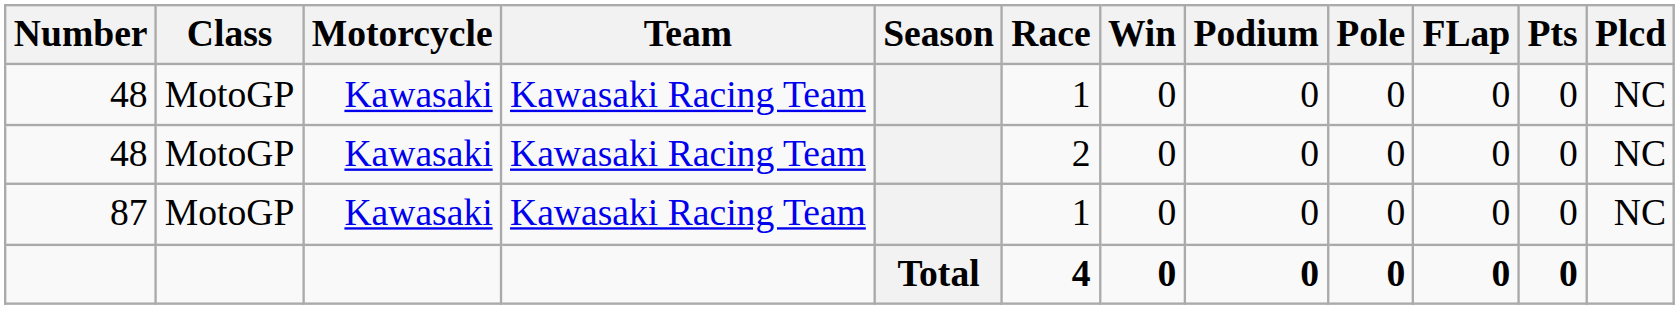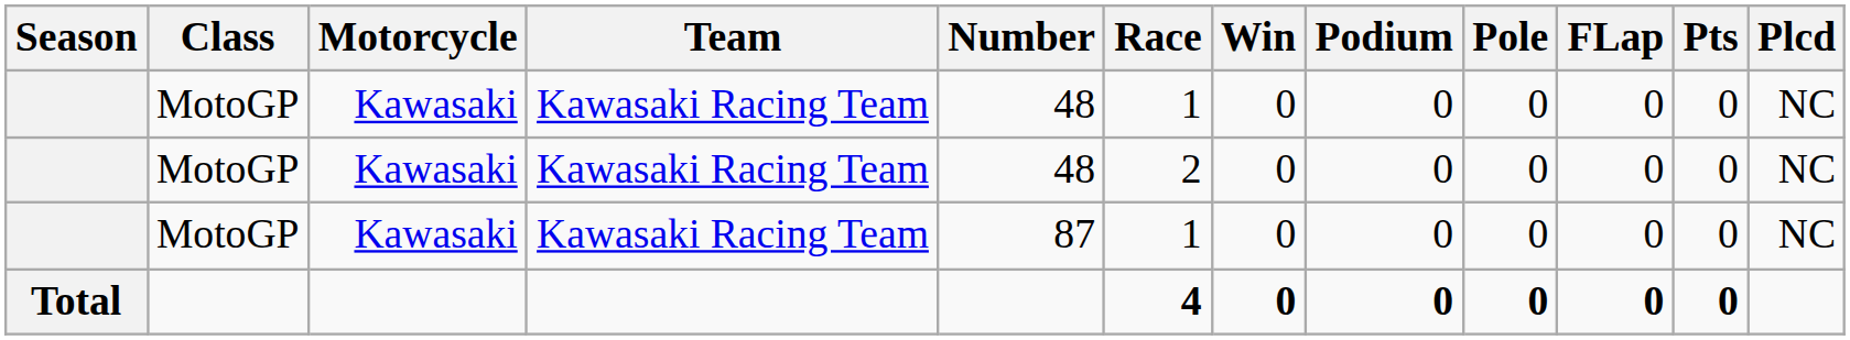 <table class="wikitable" style=text-align:right>
 <tr>
-<th>Number</th>
+<th>Season</th>
 <th>Class</th>
 <th>Motorcycle</th>
 <th>Team</th>
-<th>Season</th>
+<th>Number</th>
 <th>Race</th>
 <th>Win</th>
 <th>Podium</th>
 <th>Pole</th>
 <th>FLap</th>
 <th>Pts</th>
 <th>Plcd</th>
 </tr>
 <tr>
-<td>48</td>
+<th></th>
 <td>MotoGP</td>
 <td><a href='#'>Kawasaki</a></td>
 <td><a href='#'>Kawasaki Racing Team</a></td>
-<th></th>
+<td>48</td>
 <td>1</td>
 <td>0</td>
 <td>0</td>
 <td>0</td>
 <td>0</td>
 <td>0</td>
 <td>NC</td>
 </tr>
 <tr>
-<td>48</td>
+<th></th>
 <td>MotoGP</td>
 <td><a href='#'>Kawasaki</a></td>
 <td><a href='#'>Kawasaki Racing Team</a></td>
-<th></th>
+<td>48</td>
 <td>2</td>
 <td>0</td>
 <td>0</td>
 <td>0</td>
 <td>0</td>
 <td>0</td>
 <td>NC</td>
 </tr>
 <tr>
-<td>87</td>
+<th></th>
 <td>MotoGP</td>
 <td><a href='#'>Kawasaki</a></td>
 <td><a href='#'>Kawasaki Racing Team</a></td>
-<th></th>
+<td>87</td>
 <td>1</td>
 <td>0</td>
 <td>0</td>
 <td>0</td>
 <td>0</td>
 <td>0</td>
 <td>NC</td>
 </tr>
 <tr>
+<th>Total</th>
 <td></td>
 <td></td>
 <td></td>
 <td></td>
-<th>Total</th>
 <td><strong>4</strong></td>
 <td><strong>0</strong></td>
 <td><strong>0</strong></td>
 <td><strong>0</strong></td>
 <td><strong>0</strong></td>
 <td><strong>0</strong></td>
 <td></td>
 </tr>
 </table>
